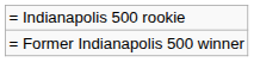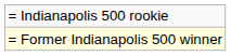 <table class="wikitable">
 <tr>
 <td><strong></strong> = Indianapolis 500 rookie</td>
 </tr>
 <tr>
-<td><strong></strong> = Former Indianapolis 500 winner</td>
+<td style="background: lightyellow;"><strong></strong> = Former Indianapolis 500 winner</td>
 </tr>
 </table>
